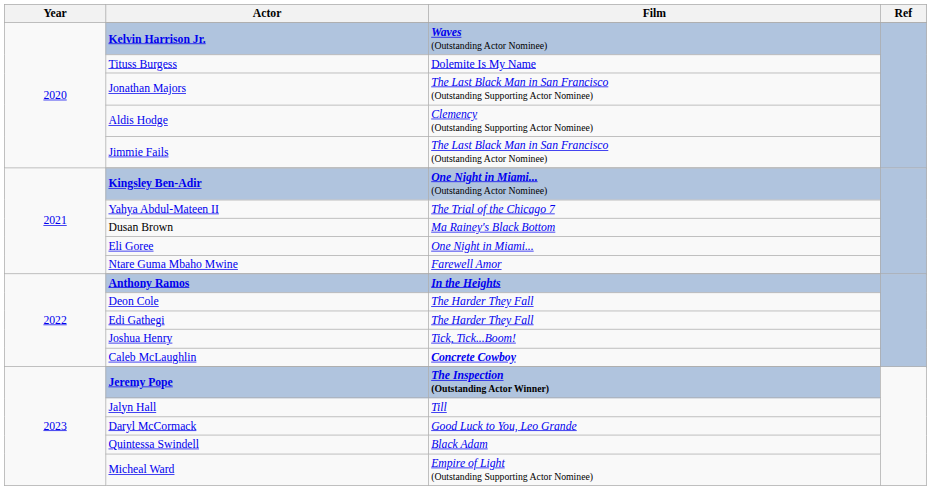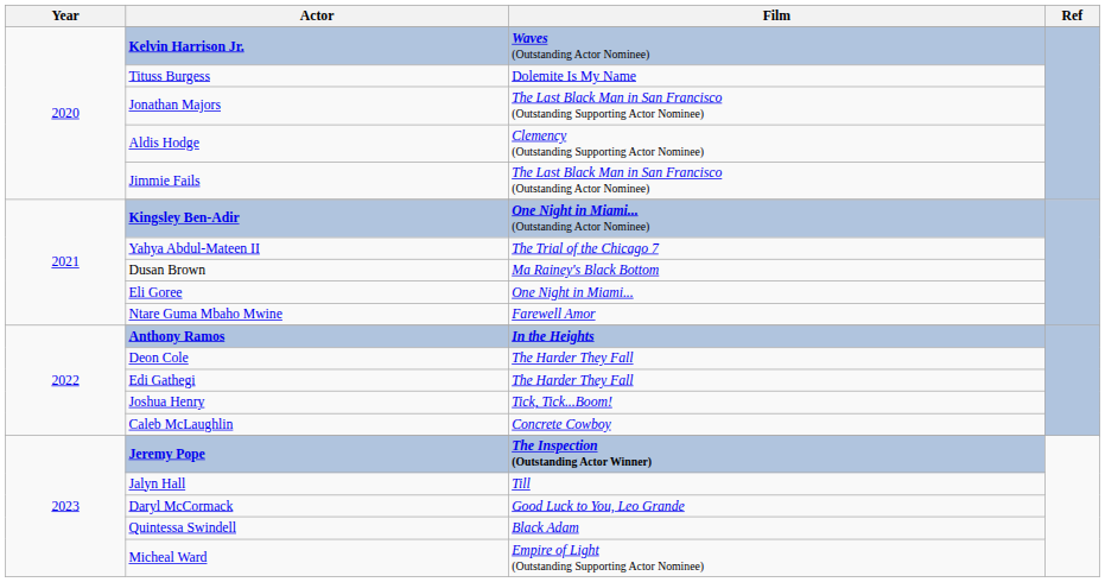 <table class="wikitable" style="width:100%;">
 <tr style="background:#bebebe;">
 <th style="width:11%;">Year</th>
 <th style="width:35%;">Actor</th>
 <th style="width:49%;">Film</th>
 <th style="width:5%;">Ref</th>
 </tr>
 <tr>
 <td rowspan="6" align="center"><a href='#'>2020</a></td>
 </tr>
 <tr style="background:#B0C4DE">
 <td><strong><a href='#'>Kelvin Harrison Jr.</a></strong></td>
 <td><strong><em><a href='#'>Waves</a></em></strong> <br><small>(Outstanding Actor Nominee)</small></td>
 <td rowspan="6" align="center"></td>
 </tr>
 <tr>
 <td><a href='#'>Tituss Burgess</a></td>
 <td><a href='#'>Dolemite Is My Name</a></td>
 </tr>
 <tr>
 <td><a href='#'>Jonathan Majors</a></td>
 <td><em><a href='#'>The Last Black Man in San Francisco</a></em> <br><small>(Outstanding Supporting Actor Nominee)</small></td>
 </tr>
 <tr>
 <td><a href='#'>Aldis Hodge</a></td>
 <td><em><a href='#'>Clemency</a></em> <br><small>(Outstanding Supporting Actor Nominee)</small></td>
 </tr>
 <tr>
 <td><a href='#'>Jimmie Fails</a></td>
 <td><em><a href='#'>The Last Black Man in San Francisco</a></em> <br><small>(Outstanding Actor Nominee)</small></td>
 </tr>
 <tr>
 <td rowspan="6" align="center"><a href='#'>2021</a></td>
 </tr>
 <tr style="background:#B0C4DE">
 <td><strong><a href='#'>Kingsley Ben-Adir</a></strong></td>
 <td><strong><em><a href='#'>One Night in Miami...</a></em></strong> <br><small>(Outstanding Actor Nominee)</small></td>
 <td rowspan="6" align="center"></td>
 </tr>
 <tr>
 <td><a href='#'>Yahya Abdul-Mateen II</a></td>
 <td><em><a href='#'>The Trial of the Chicago 7</a></em></td>
 </tr>
 <tr>
 <td>Dusan Brown</td>
 <td><em><a href='#'> Ma Rainey's Black Bottom</a></em></td>
 </tr>
 <tr>
 <td><a href='#'>Eli Goree</a></td>
 <td><em><a href='#'>One Night in Miami...</a></em></td>
 </tr>
 <tr>
 <td><a href='#'>Ntare Guma Mbaho Mwine</a></td>
 <td><em><a href='#'>Farewell Amor</a></em></td>
 </tr>
 <tr>
 <td rowspan="6" align="center"><a href='#'>2022</a></td>
 </tr>
 <tr style="background:#B0C4DE">
 <td><strong><a href='#'>Anthony Ramos</a></strong></td>
 <td><strong><em><a href='#'> In the Heights</a></em></strong></td>
 <td rowspan="6" align="center"></td>
 </tr>
 <tr>
 <td><a href='#'>Deon Cole</a></td>
 <td><em><a href='#'>The Harder They Fall</a></em></td>
 </tr>
 <tr>
 <td><a href='#'>Edi Gathegi</a></td>
 <td><em><a href='#'>The Harder They Fall</a></em></td>
 </tr>
 <tr>
 <td><a href='#'>Joshua Henry</a></td>
 <td><em><a href='#'>Tick, Tick...Boom!</a></em></td>
 </tr>
 <tr>
 <td><a href='#'>Caleb McLaughlin</a></td>
-<td><strong><em><a href='#'>Concrete Cowboy</a></em></strong></td>
+<td><em><a href='#'>Concrete Cowboy</a></em></td>
 </tr>
 <tr>
 <td rowspan="6" align="center"><a href='#'>2023</a></td>
 </tr>
 <tr style="background:#B0C4DE">
 <td><strong><a href='#'>Jeremy Pope</a></strong></td>
 <td><strong><em><a href='#'>The Inspection</a></em></strong><br><strong><small>(Outstanding Actor Winner)</small></strong></td>
 </tr>
 <tr>
 <td><a href='#'>Jalyn Hall</a></td>
 <td><em><a href='#'>Till</a></em></td>
 </tr>
 <tr>
 <td><a href='#'>Daryl McCormack</a></td>
 <td><em><a href='#'>Good Luck to You, Leo Grande</a></em></td>
 </tr>
 <tr>
 <td><a href='#'>Quintessa Swindell</a></td>
 <td><em><a href='#'>Black Adam</a></em></td>
 </tr>
 <tr>
 <td><a href='#'>Micheal Ward</a></td>
 <td><em><a href='#'>Empire of Light</a></em><br><small>(Outstanding Supporting Actor Nominee)</small></td>
 </tr>
 </table>
